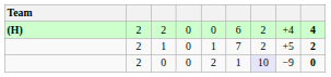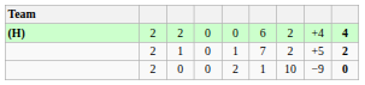 <table class="wikitable" style="text-align: center;">
 <tr>
 <th width=175 style="text-align:left;">Team</th>
 <th width=30></th>
 <th width=30></th>
 <th width=30></th>
 <th width=30></th>
 <th width=30></th>
 <th width=30></th>
 <th width=30></th>
 <th width=30></th>
 </tr>
 <tr style="background:#ccffcc;">
 <td style="text-align:left;"> <strong>(H)</strong></td>
 <td>2</td>
 <td>2</td>
 <td>0</td>
 <td>0</td>
 <td>6</td>
 <td>2</td>
 <td>+4</td>
 <td><strong>4</strong></td>
 </tr>
 <tr>
 <td style="text-align:left;"></td>
 <td>2</td>
 <td>1</td>
 <td>0</td>
 <td>1</td>
 <td>7</td>
 <td>2</td>
 <td>+5</td>
 <td><strong>2</strong></td>
 </tr>
 <tr>
 <td style="text-align:left;"></td>
 <td>2</td>
 <td>0</td>
 <td>0</td>
 <td>2</td>
 <td>1</td>
-<td style="background: lavender;">10</td>
+<td>10</td>
 <td>−9</td>
 <td><strong>0</strong></td>
 </tr>
 </table>
